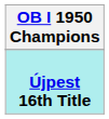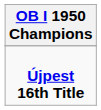 <table class="wikitable" style="text-align: center; margin: 0 auto;">
 <tr>
 <th><a href='#'>OB I</a> 1950<br>Champions</th>
 </tr>
 <tr>
 </tr>
 <tr>
-<td style="background: paleturquoise;"> <br><strong><a href='#'>Újpest</a></strong><br><strong>16th Title</strong></td>
+<td> <br><strong><a href='#'>Újpest</a></strong><br><strong>16th Title</strong></td>
 </tr>
 </table>
